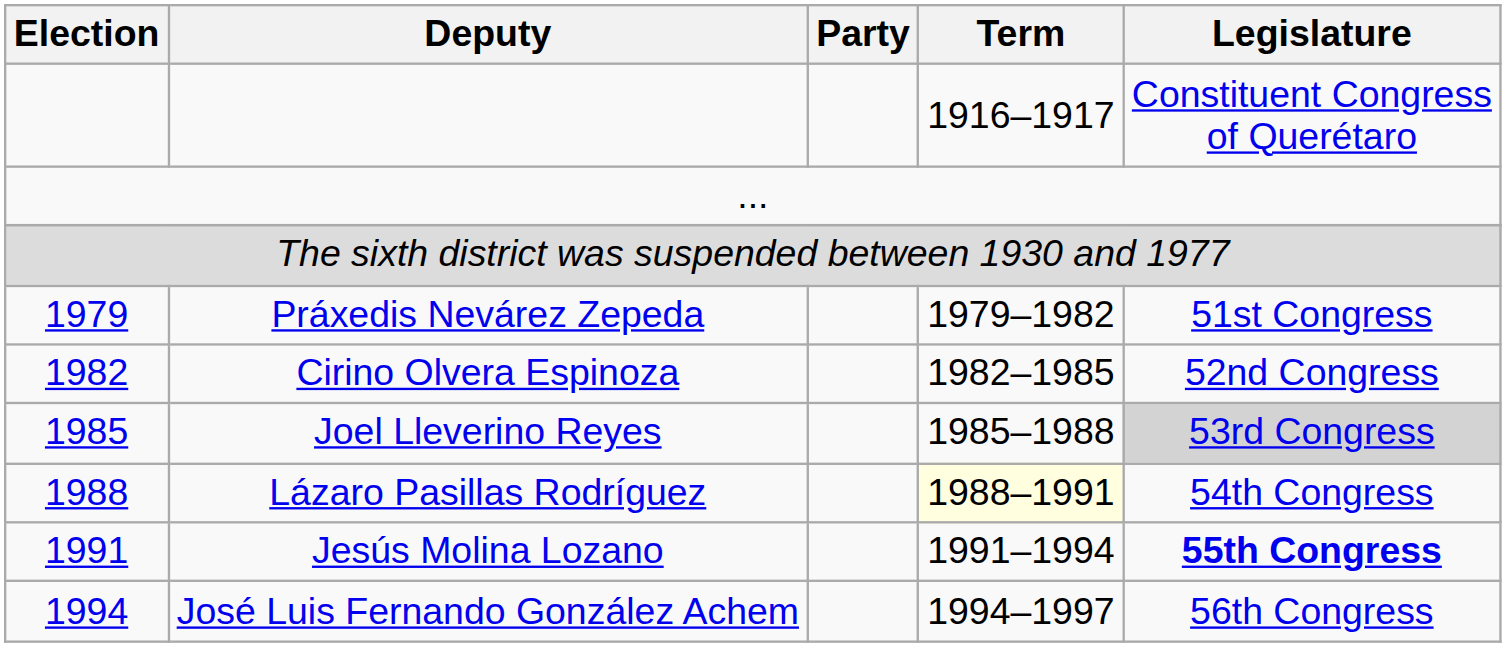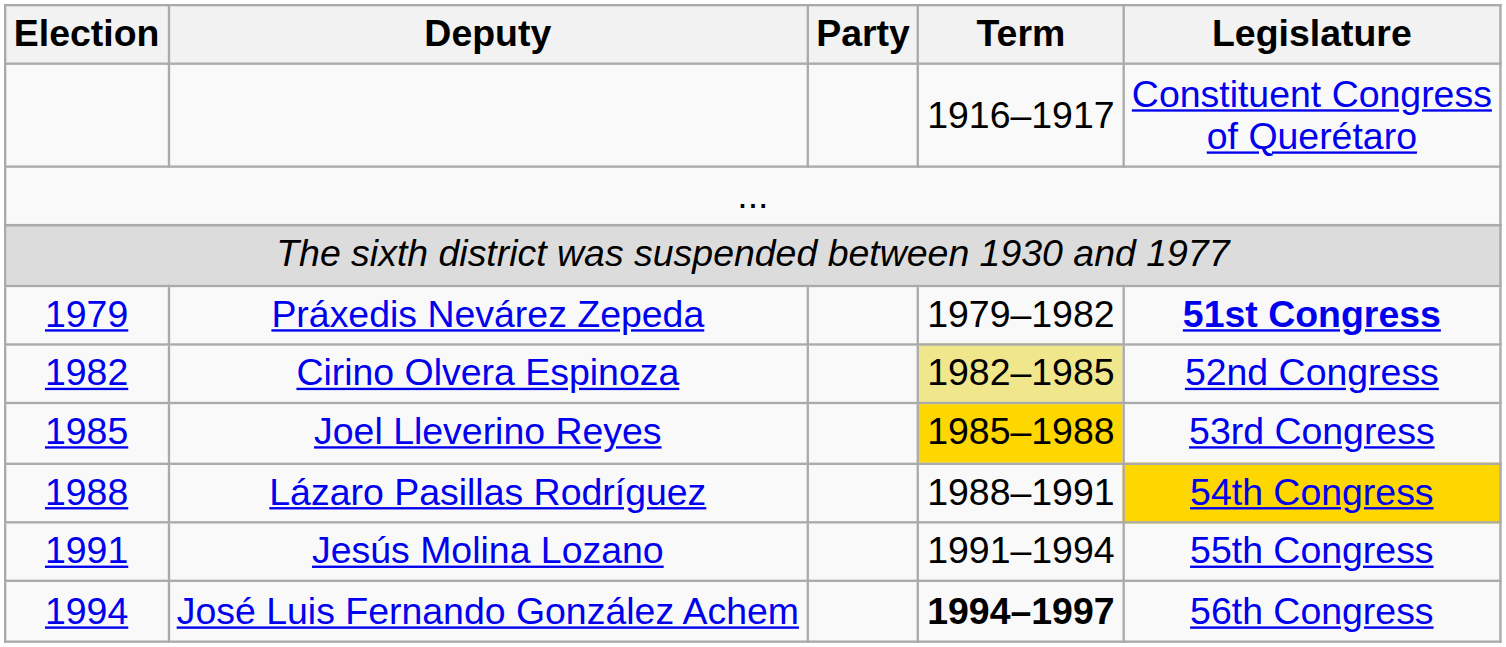 <table class="wikitable sortable" style="text-align: center">
 <tr>
 <th>Election</th>
 <th class="unsortable">Deputy</th>
 <th class="unsortable">Party</th>
 <th class="unsortable">Term</th>
 <th class="unsortable">Legislature</th>
 </tr>
 <tr>
 <td></td>
 <td></td>
 <td></td>
 <td>1916–1917</td>
 <td><a href='#'>Constituent Congress<br>of Querétaro</a></td>
 </tr>
 <tr>
 <td colspan=6>...</td>
 </tr>
 <tr>
 </tr>
 <tr align=center style="background:Gainsboro;">
 <td colspan=6><em>The sixth district was suspended between 1930 and 1977</em></td>
 </tr>
 <tr>
 <td><a href='#'>1979</a></td>
 <td><a href='#'>Práxedis Nevárez Zepeda</a></td>
 <td></td>
 <td>1979–1982</td>
-<td><a href='#'>51st Congress</a></td>
+<td><strong><a href='#'>51st Congress</a></strong></td>
 </tr>
 <tr>
 <td><a href='#'>1982</a></td>
 <td><a href='#'>Cirino Olvera Espinoza</a></td>
 <td></td>
-<td>1982–1985</td>
+<td style="background: khaki;">1982–1985</td>
 <td><a href='#'>52nd Congress</a></td>
 </tr>
 <tr>
 <td><a href='#'>1985</a></td>
 <td><a href='#'>Joel Lleverino Reyes</a></td>
 <td></td>
-<td>1985–1988</td>
-<td style="background: lightgrey;"><a href='#'>53rd Congress</a></td>
+<td style="background: gold;">1985–1988</td>
+<td><a href='#'>53rd Congress</a></td>
 </tr>
 <tr>
 <td><a href='#'>1988</a></td>
 <td><a href='#'>Lázaro Pasillas Rodríguez</a></td>
 <td></td>
-<td style="background: lightyellow;">1988–1991</td>
-<td><a href='#'>54th Congress</a></td>
+<td>1988–1991</td>
+<td style="background: gold;"><a href='#'>54th Congress</a></td>
 </tr>
 <tr>
 <td><a href='#'>1991</a></td>
 <td><a href='#'>Jesús Molina Lozano</a></td>
 <td></td>
 <td>1991–1994</td>
-<td><strong><a href='#'>55th Congress</a></strong></td>
+<td><a href='#'>55th Congress</a></td>
 </tr>
 <tr>
 <td><a href='#'>1994</a></td>
 <td><a href='#'>José Luis Fernando González Achem</a></td>
 <td></td>
-<td>1994–1997</td>
+<td><strong>1994–1997</strong></td>
 <td><a href='#'>56th Congress</a></td>
 </tr>
 </table>
